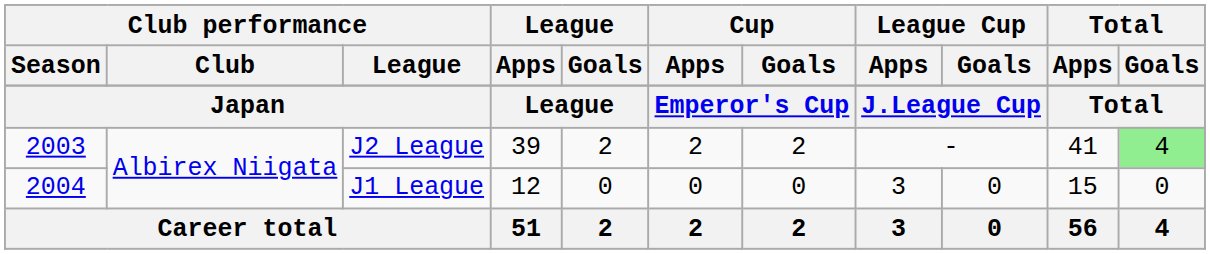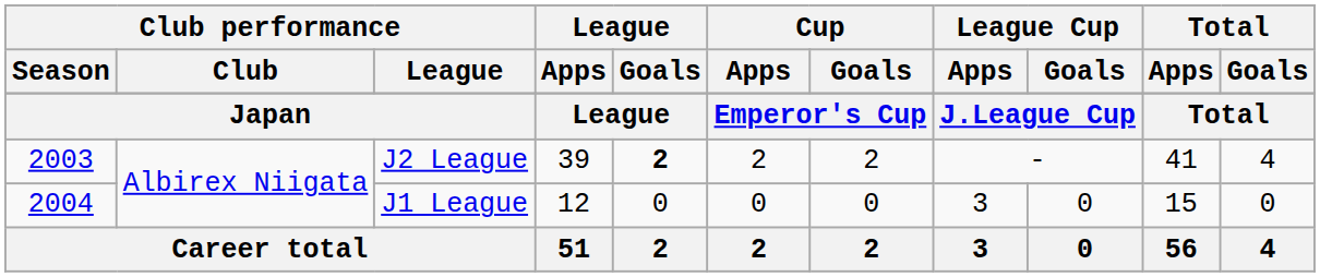 <table class="wikitable" style="text-align:center">
 <tr>
 <th colspan=3>Club performance</th>
 <th colspan=2>League</th>
 <th colspan=2>Cup</th>
 <th colspan=2>League Cup</th>
 <th colspan=2>Total</th>
 </tr>
 <tr>
 <th>Season</th>
 <th>Club</th>
 <th>League</th>
 <th>Apps</th>
 <th>Goals</th>
 <th>Apps</th>
 <th>Goals</th>
 <th>Apps</th>
 <th>Goals</th>
 <th>Apps</th>
 <th>Goals</th>
 </tr>
 <tr>
 </tr>
 <tr>
 <th colspan=3>Japan</th>
 <th colspan=2>League</th>
 <th colspan=2><a href='#'>Emperor's Cup</a></th>
 <th colspan=2><a href='#'>J.League Cup</a></th>
 <th colspan=2>Total</th>
 </tr>
 <tr>
 <td><a href='#'>2003</a></td>
 <td rowspan="2"><a href='#'>Albirex Niigata</a></td>
 <td><a href='#'>J2 League</a></td>
 <td>39</td>
-<td>2</td>
+<td><strong>2</strong></td>
 <td>2</td>
 <td>2</td>
 <td colspan="2">-</td>
 <td>41</td>
-<td style="background: lightgreen;">4</td>
+<td>4</td>
 </tr>
 <tr>
 <td><a href='#'>2004</a></td>
 <td><a href='#'>J1 League</a></td>
 <td>12</td>
 <td>0</td>
 <td>0</td>
 <td>0</td>
 <td>3</td>
 <td>0</td>
 <td>15</td>
 <td>0</td>
 </tr>
 <tr>
 <th colspan=3>Career total</th>
 <th>51</th>
 <th>2</th>
 <th>2</th>
 <th>2</th>
 <th>3</th>
 <th>0</th>
 <th>56</th>
 <th>4</th>
 </tr>
 </table>
